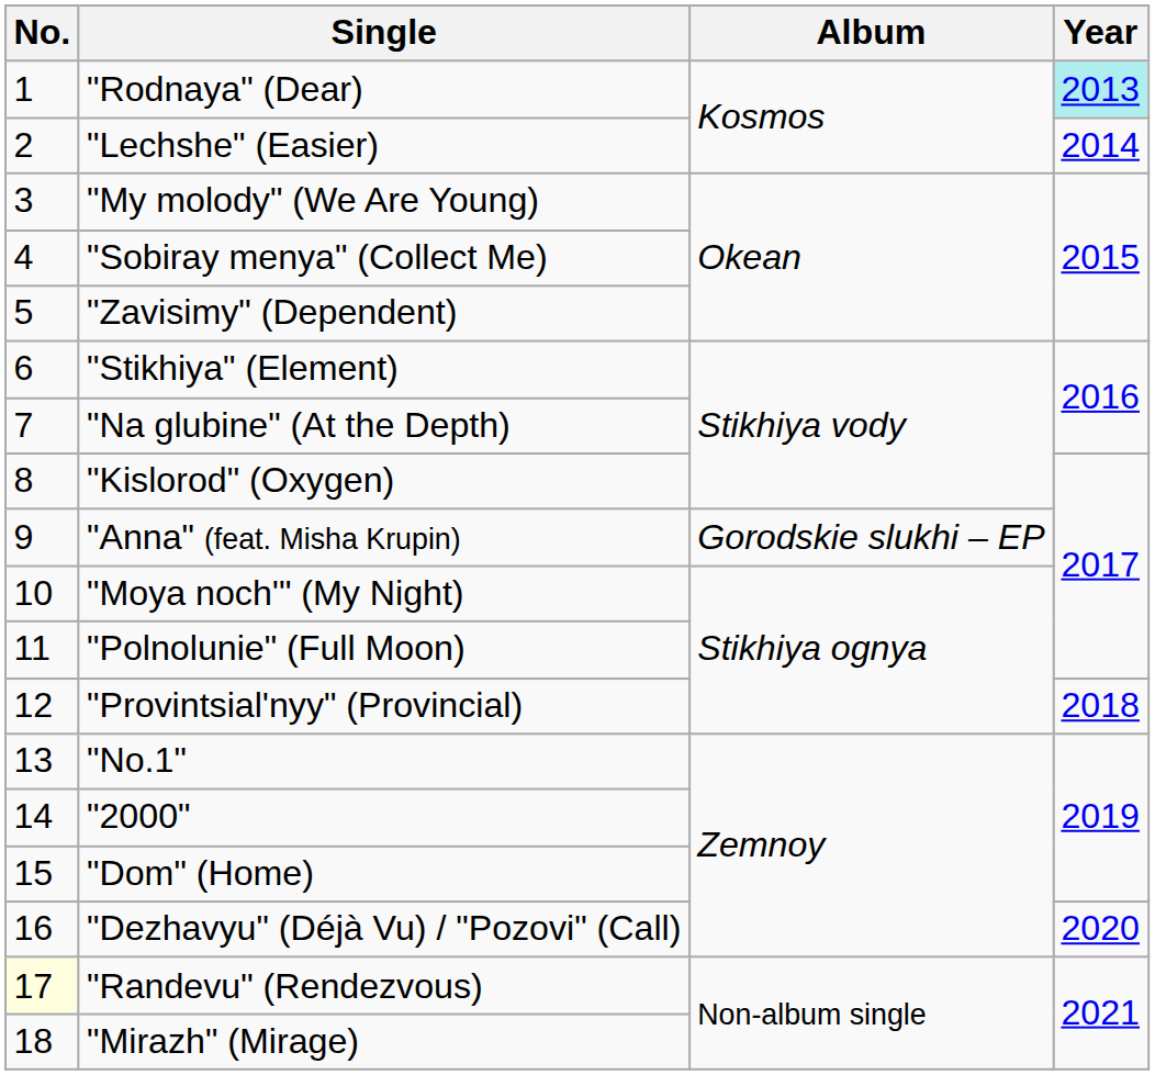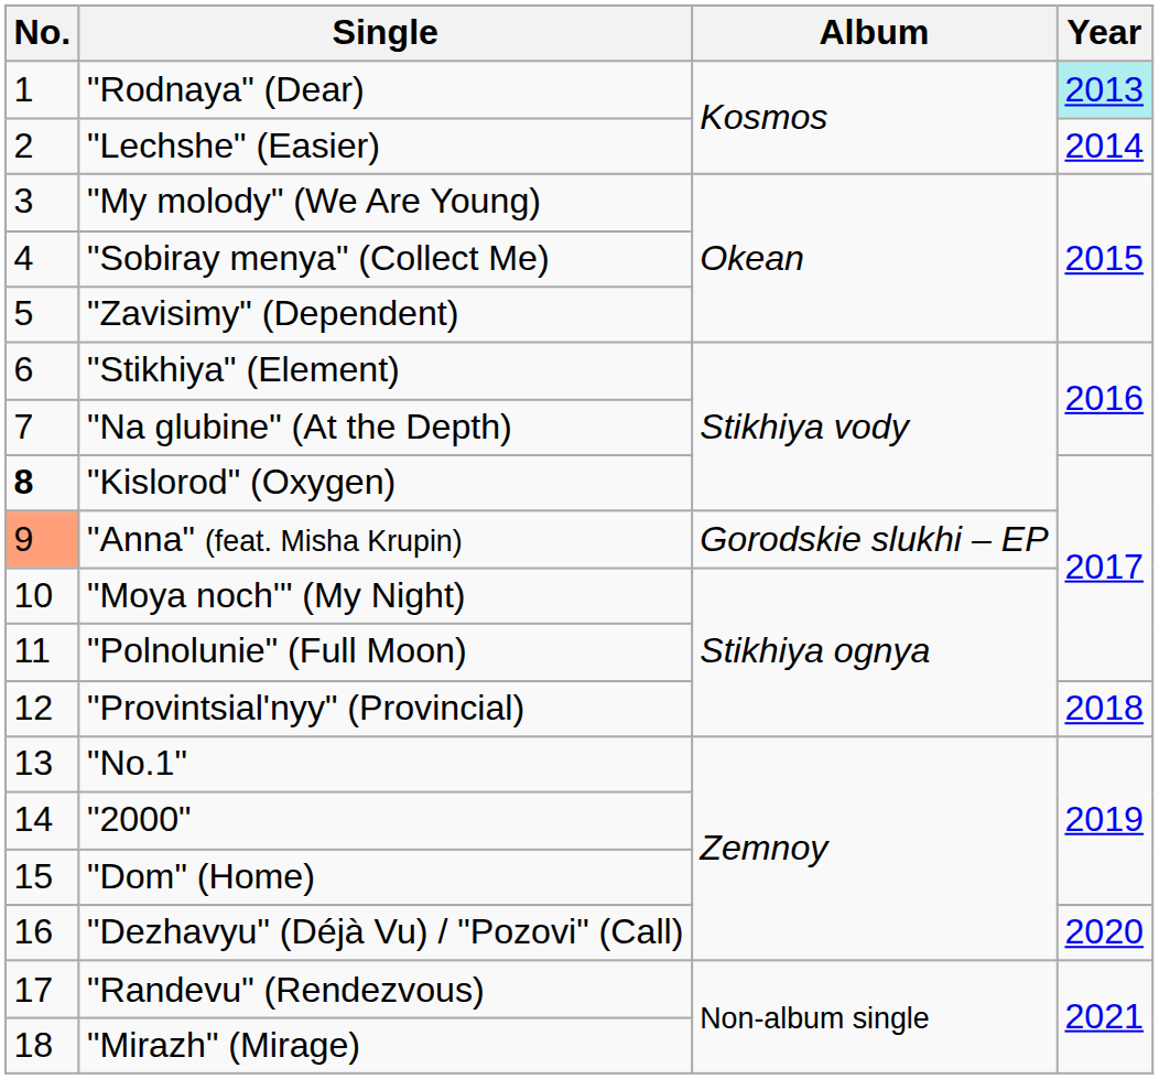 <table class="wikitable">
 <tr>
 <th>No.</th>
 <th>Single</th>
 <th>Album</th>
 <th>Year</th>
 </tr>
 <tr>
 <td>1</td>
 <td>"Rodnaya" (Dear)</td>
 <td rowspan="2"><em>Kosmos</em></td>
 <td style="background: paleturquoise;"><a href='#'>2013</a></td>
 </tr>
 <tr>
 <td>2</td>
 <td>"Lechshe" (Easier)</td>
 <td><a href='#'>2014</a></td>
 </tr>
 <tr>
 <td>3</td>
 <td>"My molody" (We Are Young)</td>
 <td rowspan="3"><em>Okean</em></td>
 <td rowspan="3"><a href='#'>2015</a></td>
 </tr>
 <tr>
 <td>4</td>
 <td>"Sobiray menya" (Collect Me)</td>
 </tr>
 <tr>
 <td>5</td>
 <td>"Zavisimy" (Dependent)</td>
 </tr>
 <tr>
 <td>6</td>
 <td>"Stikhiya" (Element)</td>
 <td rowspan="3"><em>Stikhiya vody</em></td>
 <td rowspan="2"><a href='#'>2016</a></td>
 </tr>
 <tr>
 <td>7</td>
 <td>"Na glubine" (At the Depth)</td>
 </tr>
 <tr>
-<td>8</td>
+<td><strong>8</strong></td>
 <td>"Kislorod" (Oxygen)</td>
 <td rowspan="4"><a href='#'>2017</a></td>
 </tr>
 <tr>
-<td>9</td>
+<td style="background: lightsalmon;">9</td>
 <td>"Anna" <small>(feat. Misha Krupin)</small></td>
 <td><em>Gorodskie slukhi – EP</em></td>
 </tr>
 <tr>
 <td>10</td>
 <td>"Moya noch'" (My Night)</td>
 <td rowspan="3"><em>Stikhiya ognya</em></td>
 </tr>
 <tr>
 <td>11</td>
 <td>"Polnolunie" (Full Moon)</td>
 </tr>
 <tr>
 <td>12</td>
 <td>"Provintsial'nyy" (Provincial)</td>
 <td><a href='#'>2018</a></td>
 </tr>
 <tr>
 <td>13</td>
 <td>"No.1"</td>
 <td rowspan="4"><em>Zemnoy</em></td>
 <td rowspan="3"><a href='#'>2019</a></td>
 </tr>
 <tr>
 <td>14</td>
 <td>"2000"</td>
 </tr>
 <tr>
 <td>15</td>
 <td>"Dom" (Home)</td>
 </tr>
 <tr>
 <td>16</td>
 <td>"Dezhavyu" (Déjà Vu) / "Pozovi" (Call)</td>
 <td><a href='#'>2020</a></td>
 </tr>
 <tr>
-<td style="background: lightyellow;">17</td>
+<td>17</td>
 <td>"Randevu" (Rendezvous)</td>
 <td rowspan="2"><small>Non-album single</small></td>
 <td rowspan="2"><a href='#'>2021</a></td>
 </tr>
 <tr>
 <td>18</td>
 <td>"Mirazh" (Mirage)</td>
 </tr>
 </table>
